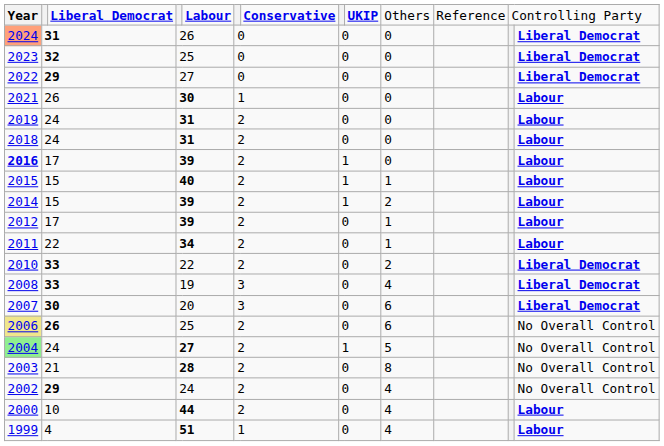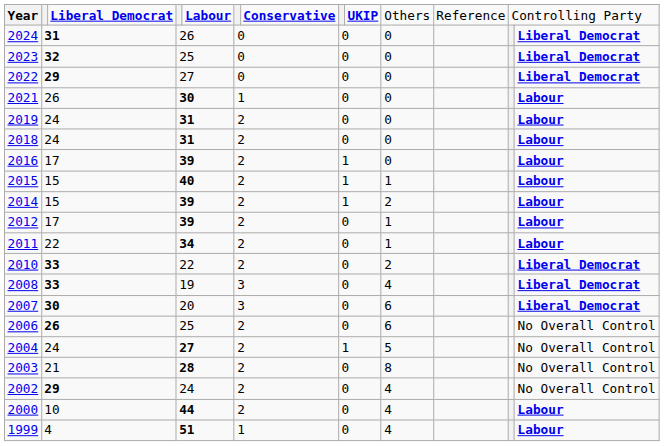 <table class="wikitable">
 <tr>
 <th>Year</th>
 <th style="background-color: "></th>
 <td><strong><a href='#'>Liberal Democrat</a></strong></td>
 <th style="background-color: "></th>
 <td><strong><a href='#'>Labour</a></strong></td>
 <th style="background-color: "></th>
 <td><strong><a href='#'>Conservative</a></strong></td>
 <th style="background-color: "></th>
 <td><strong><a href='#'>UKIP</a></strong></td>
 <td>Others</td>
 <td>Reference</td>
 <td colspan=2>Controlling Party</td>
 </tr>
 <tr>
-<td style="background: lightsalmon;"><a href='#'>2024</a></td>
+<td><a href='#'>2024</a></td>
 <td colspan=2><strong>31</strong></td>
 <td colspan=2>26</td>
 <td colspan=2>0</td>
 <td colspan=2>0</td>
 <td>0</td>
 <td></td>
 <th style="background-color: "></th>
 <td><strong><a href='#'>Liberal Democrat</a></strong></td>
 </tr>
 <tr>
 <td><a href='#'>2023</a></td>
 <td colspan=2><strong>32</strong></td>
 <td colspan=2>25</td>
 <td colspan=2>0</td>
 <td colspan=2>0</td>
 <td>0</td>
 <td></td>
 <th style="background-color: "></th>
 <td><strong><a href='#'>Liberal Democrat</a></strong></td>
 </tr>
 <tr>
 <td><a href='#'>2022</a></td>
 <td colspan=2><strong>29</strong></td>
 <td colspan=2>27</td>
 <td colspan=2>0</td>
 <td colspan=2>0</td>
 <td>0</td>
 <td></td>
 <th style="background-color: "></th>
 <td><strong><a href='#'>Liberal Democrat</a></strong></td>
 </tr>
 <tr>
 <td><a href='#'>2021</a></td>
 <td colspan=2>26</td>
 <td colspan=2><strong>30</strong></td>
 <td colspan=2>1</td>
 <td colspan=2>0</td>
 <td>0</td>
 <td></td>
 <th style="background-color: "></th>
 <td><strong><a href='#'>Labour</a></strong></td>
 </tr>
 <tr>
 <td><a href='#'>2019</a></td>
 <td colspan=2>24</td>
 <td colspan=2><strong>31</strong></td>
 <td colspan=2>2</td>
 <td colspan=2>0</td>
 <td>0</td>
 <td></td>
 <th style="background-color: "></th>
 <td><strong><a href='#'>Labour</a></strong></td>
 </tr>
 <tr>
 <td><a href='#'>2018</a></td>
 <td colspan=2>24</td>
 <td colspan=2><strong>31</strong></td>
 <td colspan=2>2</td>
 <td colspan=2>0</td>
 <td>0</td>
 <td></td>
 <th style="background-color: "></th>
 <td><strong><a href='#'>Labour</a></strong></td>
 </tr>
 <tr>
-<td><strong><a href='#'>2016</a></strong></td>
+<td><a href='#'>2016</a></td>
 <td colspan=2>17</td>
 <td colspan=2><strong>39</strong></td>
 <td colspan=2>2</td>
 <td colspan=2>1</td>
 <td>0</td>
 <td></td>
 <th style="background-color: "></th>
 <td><strong><a href='#'>Labour</a></strong></td>
 </tr>
 <tr>
 <td><a href='#'>2015</a></td>
 <td colspan=2>15</td>
 <td colspan=2><strong>40</strong></td>
 <td colspan=2>2</td>
 <td colspan=2>1</td>
 <td>1</td>
 <td></td>
 <th style="background-color: "></th>
 <td><strong><a href='#'>Labour</a></strong></td>
 </tr>
 <tr>
 <td><a href='#'>2014</a></td>
 <td colspan=2>15</td>
 <td colspan=2><strong>39</strong></td>
 <td colspan=2>2</td>
 <td colspan=2>1</td>
 <td>2</td>
 <td></td>
 <th style="background-color: "></th>
 <td><strong><a href='#'>Labour</a></strong></td>
 </tr>
 <tr>
 <td><a href='#'>2012</a></td>
 <td colspan=2>17</td>
 <td colspan=2><strong>39</strong></td>
 <td colspan=2>2</td>
 <td colspan=2>0</td>
 <td>1</td>
 <td></td>
 <th style="background-color: "></th>
 <td><strong><a href='#'>Labour</a></strong></td>
 </tr>
 <tr>
 <td><a href='#'>2011</a></td>
 <td colspan=2>22</td>
 <td colspan=2><strong>34</strong></td>
 <td colspan=2>2</td>
 <td colspan=2>0</td>
 <td>1</td>
 <td></td>
 <th style="background-color: "></th>
 <td><strong><a href='#'>Labour</a></strong></td>
 </tr>
 <tr>
 <td><a href='#'>2010</a></td>
 <td colspan=2><strong>33</strong></td>
 <td colspan=2>22</td>
 <td colspan=2>2</td>
 <td colspan=2>0</td>
 <td>2</td>
 <td></td>
 <th style="background-color: "></th>
 <td><strong><a href='#'>Liberal Democrat</a></strong></td>
 </tr>
 <tr>
 <td><a href='#'>2008</a></td>
 <td colspan=2><strong>33</strong></td>
 <td colspan=2>19</td>
 <td colspan=2>3</td>
 <td colspan=2>0</td>
 <td>4</td>
 <td></td>
 <th style="background-color: "></th>
 <td><strong><a href='#'>Liberal Democrat</a></strong></td>
 </tr>
 <tr>
 <td><a href='#'>2007</a></td>
 <td colspan=2><strong>30</strong></td>
 <td colspan=2>20</td>
 <td colspan=2>3</td>
 <td colspan=2>0</td>
 <td>6</td>
 <td></td>
 <th style="background-color: "></th>
 <td><strong><a href='#'>Liberal Democrat</a></strong></td>
 </tr>
 <tr>
-<td style="background: khaki;"><a href='#'>2006</a></td>
+<td><a href='#'>2006</a></td>
 <td colspan=2><strong>26</strong></td>
 <td colspan=2>25</td>
 <td colspan=2>2</td>
 <td colspan=2>0</td>
 <td>6</td>
 <td></td>
 <td></td>
 <td>No Overall Control</td>
 </tr>
 <tr>
-<td style="background: lightgreen;"><a href='#'>2004</a></td>
+<td><a href='#'>2004</a></td>
 <td colspan=2>24</td>
 <td colspan=2><strong>27</strong></td>
 <td colspan=2>2</td>
 <td colspan=2>1</td>
 <td>5</td>
 <td></td>
 <td></td>
 <td>No Overall Control</td>
 </tr>
 <tr>
 <td><a href='#'>2003</a></td>
 <td colspan=2>21</td>
 <td colspan=2><strong>28</strong></td>
 <td colspan=2>2</td>
 <td colspan=2>0</td>
 <td>8</td>
 <td></td>
 <td></td>
 <td>No Overall Control</td>
 </tr>
 <tr>
 <td><a href='#'>2002</a></td>
 <td colspan=2><strong>29</strong></td>
 <td colspan=2>24</td>
 <td colspan=2>2</td>
 <td colspan=2>0</td>
 <td>4</td>
 <td></td>
 <td></td>
 <td>No Overall Control</td>
 </tr>
 <tr>
 <td><a href='#'>2000</a></td>
 <td colspan=2>10</td>
 <td colspan=2><strong>44</strong></td>
 <td colspan=2>2</td>
 <td colspan=2>0</td>
 <td>4</td>
 <td></td>
 <th style="background-color: "></th>
 <td><strong><a href='#'>Labour</a></strong></td>
 </tr>
 <tr>
 <td><a href='#'>1999</a></td>
 <td colspan=2>4</td>
 <td colspan=2><strong>51</strong></td>
 <td colspan=2>1</td>
 <td colspan=2>0</td>
 <td>4</td>
 <td></td>
 <th style="background-color: "></th>
 <td><strong><a href='#'>Labour</a></strong></td>
 </tr>
 </table>
